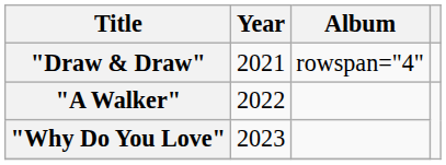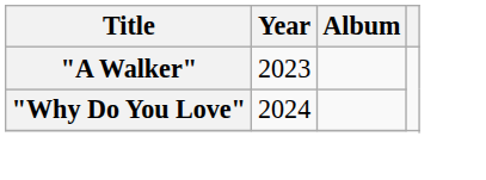 <table class="wikitable plainrowheaders" style="text-align:center">
 <tr>
 <th scope="col">Title</th>
 <th scope="col">Year</th>
 <th scope="col">Album</th>
 <th scope="col"></th>
 </tr>
 <tr>
-<th scope="row">"Draw & Draw"</th>
-<td>2021</td>
-<td>rowspan="4" </td>
-<td></td>
-</tr>
-<tr>
 <th scope="row">"A Walker"</th>
-<td>2022</td>
+<td>2023</td>
 <td></td>
 </tr>
 <tr>
 <th scope="row">"Why Do You Love"</th>
-<td>2023</td>
+<td>2024</td>
 <td></td>
 </tr>
 <tr>
 </tr>
 </table>
